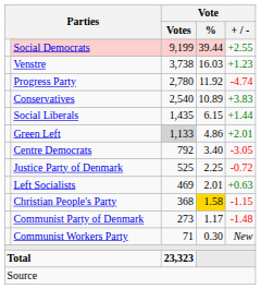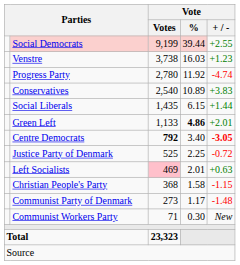 <table class="wikitable" style="text-align:right;">
 <tr>
 <th style="text-align:centre;" rowspan="2" colspan="2" width="225">Parties</th>
 <th colspan="3">Vote</th>
 </tr>
 <tr>
 <th width="15">Votes</th>
 <th width="15">%</th>
 <th width="15">+ / -</th>
 </tr>
 <tr>
 <td width="2" style="color:inherit;background:"></td>
 <td bgcolor=#fbd0ce  align="left"><a href='#'>Social Democrats</a></td>
 <td bgcolor=#fbd0ce>9,199</td>
 <td bgcolor=#fbd0ce>39.44</td>
 <td style=color:green;>+2.55</td>
 </tr>
 <tr>
 <td width="2" style="color:inherit;background:"></td>
 <td align="left"><a href='#'>Venstre</a></td>
 <td>3,738</td>
 <td>16.03</td>
 <td style=color:green;>+1.23</td>
 </tr>
 <tr>
 <td width="2" style="color:inherit;background:"></td>
 <td align="left"><a href='#'>Progress Party</a></td>
 <td>2,780</td>
 <td>11.92</td>
 <td style=color:red;>-4.74</td>
 </tr>
 <tr>
 <td width="2" style="color:inherit;background:"></td>
 <td align="left"><a href='#'>Conservatives</a></td>
 <td>2,540</td>
 <td>10.89</td>
 <td style=color:green;>+3.83</td>
 </tr>
 <tr>
 <td width="2" style="color:inherit;background:"></td>
 <td align="left"><a href='#'>Social Liberals</a></td>
 <td>1,435</td>
 <td>6.15</td>
 <td style=color:green;>+1.44</td>
 </tr>
 <tr>
 <td width="2" style="color:inherit;background:"></td>
 <td align="left"><a href='#'>Green Left</a></td>
-<td style="background: lightgrey;">1,133</td>
-<td>4.86</td>
+<td>1,133</td>
+<td><strong>4.86</strong></td>
 <td style=color:green;>+2.01</td>
 </tr>
 <tr>
 <td width="2" style="color:inherit;background:"></td>
 <td align="left"><a href='#'>Centre Democrats</a></td>
-<td>792</td>
+<td><strong>792</strong></td>
 <td>3.40</td>
-<td style=color:red;>-3.05</td>
+<td style=color:red;><strong>-3.05</strong></td>
 </tr>
 <tr>
 <td width="2" style="color:inherit;background:"></td>
 <td align="left"><a href='#'>Justice Party of Denmark</a></td>
 <td>525</td>
 <td>2.25</td>
 <td style=color:red;>-0.72</td>
 </tr>
 <tr>
 <td width="2" style="color:inherit;background:"></td>
 <td align="left"><a href='#'>Left Socialists</a></td>
-<td>469</td>
+<td style="background: pink;">469</td>
 <td>2.01</td>
 <td style=color:green;>+0.63</td>
 </tr>
 <tr>
 <td width="2" style="color:inherit;background:"></td>
 <td align="left"><a href='#'>Christian People's Party</a></td>
 <td>368</td>
-<td style="background: gold;">1.58</td>
+<td>1.58</td>
 <td style=color:red;>-1.15</td>
 </tr>
 <tr>
 <td width="2" style="color:inherit;background:"></td>
 <td align="left"><a href='#'>Communist Party of Denmark</a></td>
 <td>273</td>
 <td>1.17</td>
 <td style=color:red;>-1.48</td>
 </tr>
 <tr>
 <td width="2" style="color:inherit;background:"></td>
 <td align="left"><a href='#'>Communist Workers Party</a></td>
 <td>71</td>
 <td>0.30</td>
 <td><em>New</em></td>
 </tr>
 <tr>
 <td colspan="7" bgcolor="#E9E9E9"></td>
 </tr>
 <tr>
 <td align="left" colspan="2"><strong>Total</strong></td>
 <td><strong>23,323</strong></td>
 <td bgcolor="#E9E9E9" colspan="2"></td>
 </tr>
 <tr>
 <td align="left" colspan="6">Source</td>
 </tr>
 </table>
